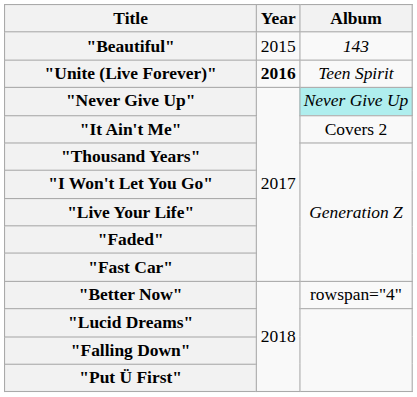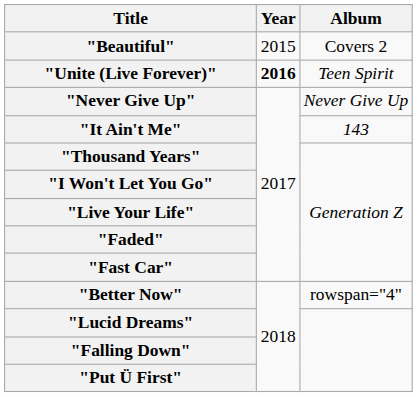 <table class="wikitable plainrowheaders" style="text-align:center;">
 <tr>
 <th scope="col" style="width:14em;">Title</th>
 <th scope="col" style="width:1em;">Year</th>
 <th scope="col">Album</th>
 </tr>
 <tr>
 <th scope="row">"Beautiful"</th>
 <td>2015</td>
-<td><em>143</em></td>
+<td rowspan="1">Covers 2</td>
 </tr>
 <tr>
 <th scope="row">"Unite (Live Forever)"</th>
 <td><strong>2016</strong></td>
 <td><em>Teen Spirit</em></td>
 </tr>
 <tr>
 <th scope="row">"Never Give Up"</th>
 <td rowspan="7">2017</td>
-<td style="background: paleturquoise;"><em>Never Give Up</em></td>
+<td><em>Never Give Up</em></td>
 </tr>
 <tr>
 <th scope="row">"It Ain't Me"</th>
-<td rowspan="1">Covers 2</td>
+<td><em>143</em></td>
 </tr>
 <tr>
 <th scope="row">"Thousand Years"</th>
 <td rowspan="5"><em>Generation Z</em></td>
 </tr>
 <tr>
 <th scope="row">"I Won't Let You Go"</th>
 </tr>
 <tr>
 <th scope="row">"Live Your Life"</th>
 </tr>
 <tr>
 <th scope="row">"Faded"</th>
 </tr>
 <tr>
 <th scope="row">"Fast Car"</th>
 </tr>
 <tr>
 <th scope="row">"Better Now"</th>
 <td rowspan="4">2018</td>
 <td>rowspan="4" </td>
 </tr>
 <tr>
 <th scope="row">"Lucid Dreams"</th>
 </tr>
 <tr>
 <th scope="row">"Falling Down"</th>
 </tr>
 <tr>
 <th scope="row">"Put Ü First"</th>
 </tr>
 </table>
